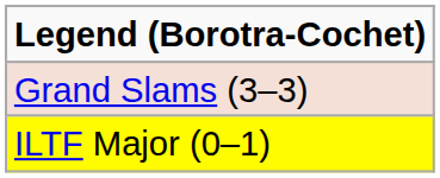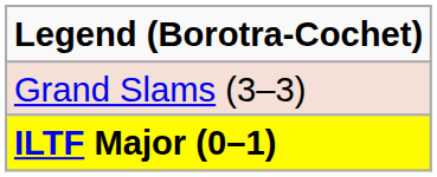 <table class="wikitable"  style="font-size:89%;">
 <tr bgcolor=>
 <td><strong>Legend (Borotra-Cochet)</strong></td>
 </tr>
 <tr bgcolor=#F4E0D7>
 <td><a href='#'>Grand Slams</a> (3–3)</td>
 </tr>
 <tr bgcolor=#FFFFCC;>
-<td><a href='#'>ILTF</a> Major (0–1)</td>
+<td><strong><a href='#'>ILTF</a> Major (0–1)</strong></td>
 </tr>
 </table>
